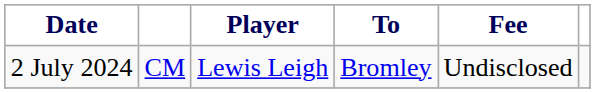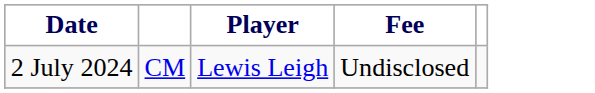 <table class="wikitable plainrowheaders sortable">
 <tr>
 <th style="background-color:#ffffff;color:#00005a; ">Date</th>
 <th style="background-color:#ffffff;color:#00005a; "></th>
 <th style="background-color:#ffffff;color:#00005a; ">Player</th>
-<th style="background-color:#ffffff;color:#00005a; ">To</th>
 <th style="background-color:#ffffff;color:#00005a; ">Fee</th>
 <th style="background-color:#ffffff;color:#00005a; "></th>
 </tr>
 <tr>
 <td>2 July 2024</td>
 <td><a href='#'>CM</a></td>
 <td> <a href='#'>Lewis Leigh</a></td>
-<td> <a href='#'>Bromley</a></td>
 <td>Undisclosed</td>
 <td></td>
 </tr>
 </table>
